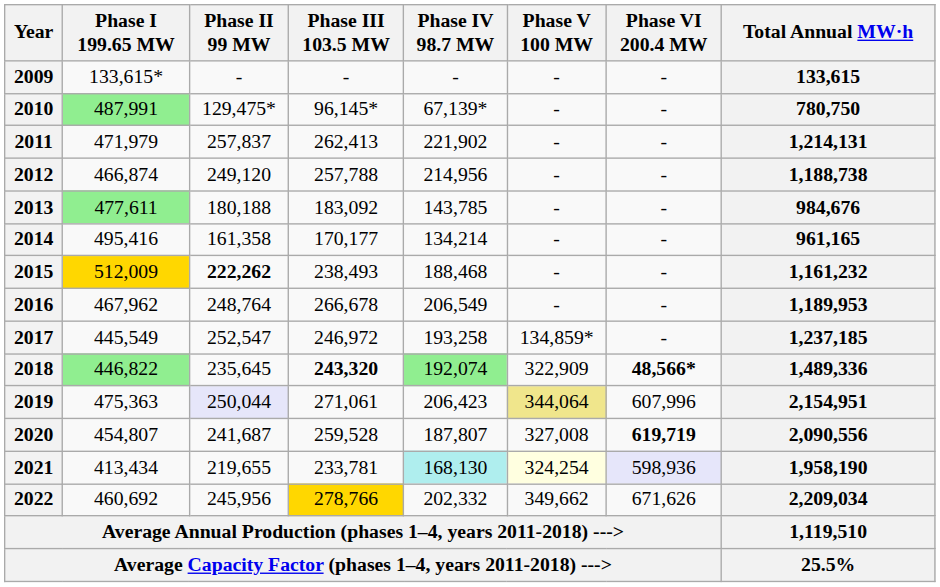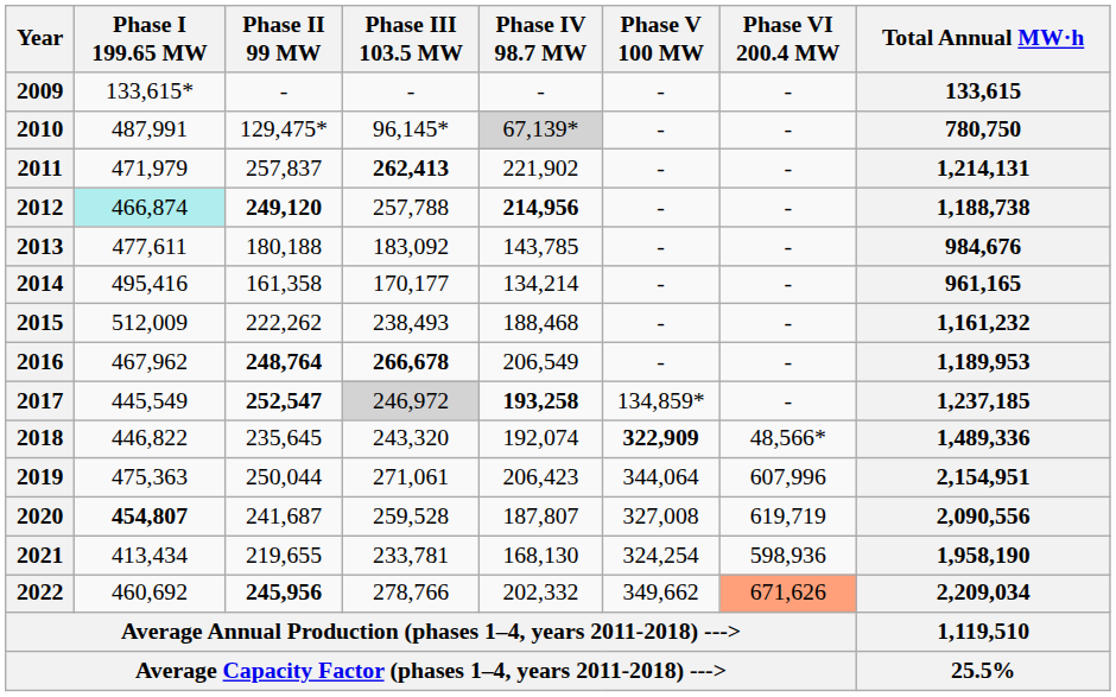 <table class=wikitable style="text-align:center; font-size:0.9em; width:680px;">
 <tr>
 <th>Year</th>
 <th>Phase I<br>199.65 MW </th>
 <th>Phase II<br>99 MW </th>
 <th>Phase III<br>103.5 MW </th>
 <th>Phase IV<br>98.7 MW </th>
 <th>Phase V<br>100 MW </th>
 <th>Phase VI<br>200.4 MW </th>
 <th>Total Annual <a href='#'>MW·h</a></th>
 </tr>
 <tr>
 <th>2009</th>
 <td>133,615*</td>
 <td>-</td>
 <td>-</td>
 <td>-</td>
 <td>-</td>
 <td>-</td>
 <th>133,615</th>
 </tr>
 <tr>
 <th>2010</th>
-<td style="background: lightgreen;">487,991</td>
+<td>487,991</td>
 <td>129,475*</td>
 <td>96,145*</td>
-<td>67,139*</td>
+<td style="background: lightgrey;">67,139*</td>
 <td>-</td>
 <td>-</td>
 <th>780,750</th>
 </tr>
 <tr>
 <th>2011</th>
 <td>471,979</td>
 <td>257,837</td>
-<td>262,413</td>
+<td><strong>262,413</strong></td>
 <td>221,902</td>
 <td>-</td>
 <td>-</td>
 <th>1,214,131</th>
 </tr>
 <tr>
 <th>2012</th>
-<td>466,874</td>
-<td>249,120</td>
+<td style="background: paleturquoise;">466,874</td>
+<td><strong>249,120</strong></td>
 <td>257,788</td>
-<td>214,956</td>
+<td><strong>214,956</strong></td>
 <td>-</td>
 <td>-</td>
 <th>1,188,738</th>
 </tr>
 <tr>
 <th>2013</th>
-<td style="background: lightgreen;">477,611</td>
+<td>477,611</td>
 <td>180,188</td>
 <td>183,092</td>
 <td>143,785</td>
 <td>-</td>
 <td>-</td>
 <th>984,676</th>
 </tr>
 <tr>
 <th>2014</th>
 <td>495,416</td>
 <td>161,358</td>
 <td>170,177</td>
 <td>134,214</td>
 <td>-</td>
 <td>-</td>
 <th>961,165</th>
 </tr>
 <tr>
 <th>2015</th>
-<td style="background: gold;">512,009</td>
-<td><strong>222,262</strong></td>
+<td>512,009</td>
+<td>222,262</td>
 <td>238,493</td>
 <td>188,468</td>
 <td>-</td>
 <td>-</td>
 <th>1,161,232</th>
 </tr>
 <tr>
 <th>2016</th>
 <td>467,962</td>
-<td>248,764</td>
-<td>266,678</td>
+<td><strong>248,764</strong></td>
+<td><strong>266,678</strong></td>
 <td>206,549</td>
 <td>-</td>
 <td>-</td>
 <th>1,189,953</th>
 </tr>
 <tr>
 <th>2017</th>
 <td>445,549</td>
-<td>252,547</td>
-<td>246,972</td>
-<td>193,258</td>
+<td><strong>252,547</strong></td>
+<td style="background: lightgrey;">246,972</td>
+<td><strong>193,258</strong></td>
 <td>134,859*</td>
 <td>-</td>
 <th>1,237,185</th>
 </tr>
 <tr>
 <th>2018</th>
-<td style="background: lightgreen;">446,822</td>
+<td>446,822</td>
 <td>235,645</td>
-<td><strong>243,320</strong></td>
-<td style="background: lightgreen;">192,074</td>
-<td>322,909</td>
-<td><strong>48,566*</strong></td>
+<td>243,320</td>
+<td>192,074</td>
+<td><strong>322,909</strong></td>
+<td>48,566*</td>
 <th>1,489,336</th>
 </tr>
 <tr>
 <th>2019</th>
 <td>475,363</td>
-<td style="background: lavender;">250,044</td>
+<td>250,044</td>
 <td>271,061</td>
 <td>206,423</td>
-<td style="background: khaki;">344,064</td>
+<td>344,064</td>
 <td>607,996</td>
 <th>2,154,951</th>
 </tr>
 <tr>
 <th>2020</th>
-<td>454,807</td>
+<td><strong>454,807</strong></td>
 <td>241,687</td>
 <td>259,528</td>
 <td>187,807</td>
 <td>327,008</td>
-<td><strong>619,719</strong></td>
+<td>619,719</td>
 <th>2,090,556</th>
 </tr>
 <tr>
 <th>2021</th>
 <td>413,434</td>
 <td>219,655</td>
 <td>233,781</td>
-<td style="background: paleturquoise;">168,130</td>
-<td style="background: lightyellow;">324,254</td>
-<td style="background: lavender;">598,936</td>
+<td>168,130</td>
+<td>324,254</td>
+<td>598,936</td>
 <th>1,958,190</th>
 </tr>
 <tr>
 <th>2022</th>
 <td>460,692</td>
-<td>245,956</td>
-<td style="background: gold;">278,766</td>
+<td><strong>245,956</strong></td>
+<td>278,766</td>
 <td>202,332</td>
 <td>349,662</td>
-<td>671,626</td>
+<td style="background: lightsalmon;">671,626</td>
 <th>2,209,034</th>
 </tr>
 <tr>
 <th colspan=7>Average Annual Production (phases 1–4, years 2011-2018) ---></th>
 <th>1,119,510</th>
 </tr>
 <tr>
 <th colspan=7>Average <a href='#'>Capacity Factor</a> (phases 1–4, years 2011-2018) ---></th>
 <th>25.5%</th>
 </tr>
 </table>
